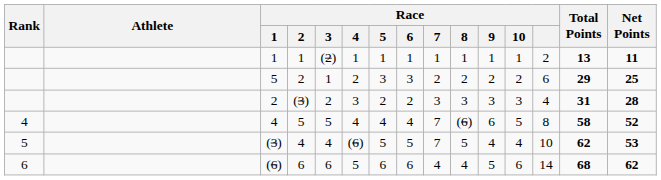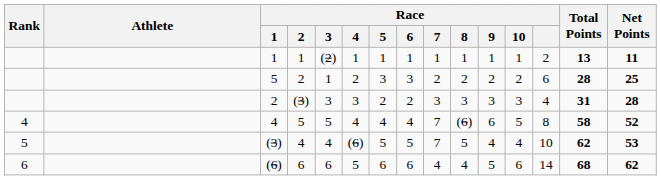 <table | class="wikitable" style="text-align:center">
 <tr>
 <th rowspan="2" width=40>Rank</th>
 <th rowspan="2" width=250>Athlete</th>
 <th colspan="11">Race</th>
 <th rowspan="2" width=50>Total Points</th>
 <th rowspan="2" width=50>Net Points</th>
 </tr>
 <tr>
 <th width=25>1</th>
 <th width=25>2</th>
 <th width=25>3</th>
 <th width=25>4</th>
 <th width=25>5</th>
 <th width=25>6</th>
 <th width=25>7</th>
 <th width=25>8</th>
 <th width=25>9</th>
 <th width=25>10</th>
 <th width=25></th>
 </tr>
 <tr>
 <td></td>
 <td align="left"></td>
 <td>1</td>
 <td>1</td>
 <td>(<s>2</s>)</td>
 <td>1</td>
 <td>1</td>
 <td>1</td>
 <td>1</td>
 <td>1</td>
 <td>1</td>
 <td>1</td>
 <td>2</td>
 <td><strong>13</strong></td>
 <td><strong>11</strong></td>
 </tr>
 <tr>
 <td></td>
 <td align="left"></td>
 <td>5</td>
 <td>2</td>
 <td>1</td>
 <td>2</td>
 <td>3</td>
 <td>3</td>
 <td>2</td>
 <td>2</td>
 <td>2</td>
 <td>2</td>
 <td>6</td>
-<td><strong>29</strong></td>
+<td><strong>28</strong></td>
 <td><strong>25</strong></td>
 </tr>
 <tr>
 <td></td>
 <td align="left"></td>
 <td>2</td>
 <td>(<s>3</s>)</td>
-<td>2</td>
+<td>3</td>
 <td>3</td>
 <td>2</td>
 <td>2</td>
 <td>3</td>
 <td>3</td>
 <td>3</td>
 <td>3</td>
 <td>4</td>
 <td><strong>31</strong></td>
 <td><strong>28</strong></td>
 </tr>
 <tr>
 <td>4</td>
 <td align="left"></td>
 <td>4</td>
 <td>5</td>
 <td>5</td>
 <td>4</td>
 <td>4</td>
 <td>4</td>
 <td>7<br></td>
 <td>(<s>6</s>)</td>
 <td>6</td>
 <td>5</td>
 <td>8</td>
 <td><strong>58</strong></td>
 <td><strong>52</strong></td>
 </tr>
 <tr>
 <td>5</td>
 <td align="left"></td>
 <td>(<s>3</s>)</td>
 <td>4</td>
 <td>4</td>
 <td>(<s>6</s>)</td>
 <td>5</td>
 <td>5</td>
 <td>7<br></td>
 <td>5</td>
 <td>4</td>
 <td>4</td>
 <td>10</td>
 <td><strong>62</strong></td>
 <td><strong>53</strong></td>
 </tr>
 <tr>
 <td>6</td>
 <td align="left"></td>
 <td>(<s>6</s>)</td>
 <td>6</td>
 <td>6</td>
 <td>5</td>
 <td>6</td>
 <td>6</td>
 <td>4</td>
 <td>4</td>
 <td>5</td>
 <td>6</td>
 <td>14<br></td>
 <td><strong>68</strong></td>
 <td><strong>62</strong></td>
 </tr>
 </table>
